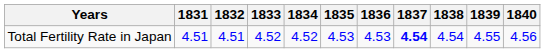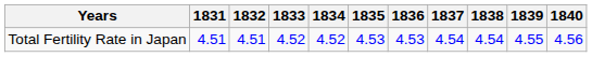 <table class="wikitable " style="text-align:right">
 <tr>
 <th>Years</th>
 <th>1831</th>
 <th>1832</th>
 <th>1833</th>
 <th>1834</th>
 <th>1835</th>
 <th>1836</th>
 <th>1837</th>
 <th>1838</th>
 <th>1839</th>
 <th>1840</th>
 </tr>
 <tr>
 <td align="left">Total Fertility Rate in Japan</td>
 <td style="text-align:right; color:blue;">4.51</td>
 <td style="text-align:right; color:blue;">4.51</td>
 <td style="text-align:right; color:blue;">4.52</td>
 <td style="text-align:right; color:blue;">4.52</td>
 <td style="text-align:right; color:blue;">4.53</td>
 <td style="text-align:right; color:blue;">4.53</td>
-<td style="text-align:right; color:blue;"><strong>4.54</strong></td>
+<td style="text-align:right; color:blue;">4.54</td>
 <td style="text-align:right; color:blue;">4.54</td>
 <td style="text-align:right; color:blue;">4.55</td>
 <td style="text-align:right; color:blue;">4.56</td>
 </tr>
 </table>
